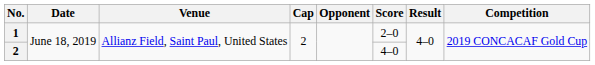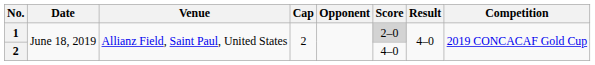 <table class="wikitable sortable plainrowheaders">
 <tr>
 <th scope=col>No.</th>
 <th scope=col data-sort-type=date>Date</th>
 <th scope=col>Venue</th>
 <th scope=col>Cap</th>
 <th scope=col>Opponent</th>
 <th scope=col>Score</th>
 <th scope=col>Result</th>
 <th scope=col>Competition</th>
 </tr>
 <tr>
 <th scope=row>1</th>
 <td rowspan="2">June 18, 2019</td>
 <td rowspan="2"><a href='#'>Allianz Field</a>, <a href='#'>Saint Paul</a>, United States</td>
 <td align=center rowspan="2">2</td>
 <td rowspan="2"></td>
-<td align=center>2–0</td>
+<td align=center style="background: lightgrey;">2–0</td>
 <td rowspan="2" align=center>4–0</td>
 <td rowspan="2"><a href='#'>2019 CONCACAF Gold Cup</a></td>
 </tr>
 <tr>
 <th scope=row>2</th>
 <td align=center>4–0</td>
 </tr>
 </table>
